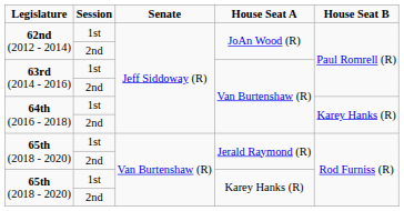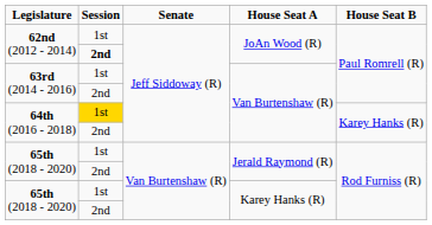 <table class=wikitable style="text-align:center">
 <tr>
 <td><strong>Legislature</strong></td>
 <td><strong>Session</strong></td>
 <td><strong>Senate</strong></td>
 <td><strong>House Seat A</strong></td>
 <td><strong>House Seat B</strong></td>
 </tr>
 <tr>
 <td rowspan="2" colspan="1" style="text-align: center;"><strong>62nd</strong> <br> (2012 - 2014)</td>
 <td>1st</td>
 <td rowspan="6" colspan="1" style="text-align: center;" ><a href='#'>Jeff Siddoway</a> (R)</td>
 <td rowspan="2" colspan="1" style="text-align: center;" ><a href='#'>JoAn Wood</a> (R)</td>
 <td rowspan="4" colspan="1" style="text-align: center;" ><a href='#'>Paul Romrell</a> (R)</td>
 </tr>
 <tr>
-<td>2nd</td>
+<td><strong>2nd</strong></td>
 </tr>
 <tr>
 <td rowspan="2" colspan="1" style="text-align: center;"><strong>63rd</strong> <br> (2014 - 2016)</td>
 <td>1st</td>
 <td rowspan="4" colspan="1" style="text-align: center;" ><a href='#'>Van Burtenshaw</a> (R)</td>
 </tr>
 <tr>
 <td>2nd</td>
 </tr>
 <tr>
 <td rowspan="2" colspan="1" style="text-align: center;"><strong>64th</strong> <br> (2016 - 2018)</td>
-<td>1st</td>
+<td style="background: gold;">1st</td>
 <td rowspan="2" colspan="1" style="text-align: center;" ><a href='#'>Karey Hanks</a> (R)</td>
 </tr>
 <tr>
 <td>2nd</td>
 </tr>
 <tr>
 <td rowspan="2" colspan="1" style="text-align: center;"><strong>65th</strong> <br> (2018 - 2020)</td>
 <td>1st</td>
 <td rowspan="4" colspan="1" style="text-align: center;" ><a href='#'>Van Burtenshaw</a> (R)</td>
 <td rowspan="2" colspan="1" style="text-align: center;" ><a href='#'>Jerald Raymond</a> (R)</td>
 <td rowspan="4" colspan="1" style="text-align: center;" ><a href='#'>Rod Furniss</a> (R)</td>
 </tr>
 <tr>
 <td>2nd</td>
 </tr>
 <tr>
 <td rowspan="2" colspan="1" style="text-align: center;"><strong>65th</strong> <br> (2018 - 2020)</td>
 <td>1st</td>
 <td rowspan="2" colspan="1" style="text-align: center;" >Karey Hanks (R)</td>
 </tr>
 <tr>
 <td>2nd</td>
 </tr>
 </table>
